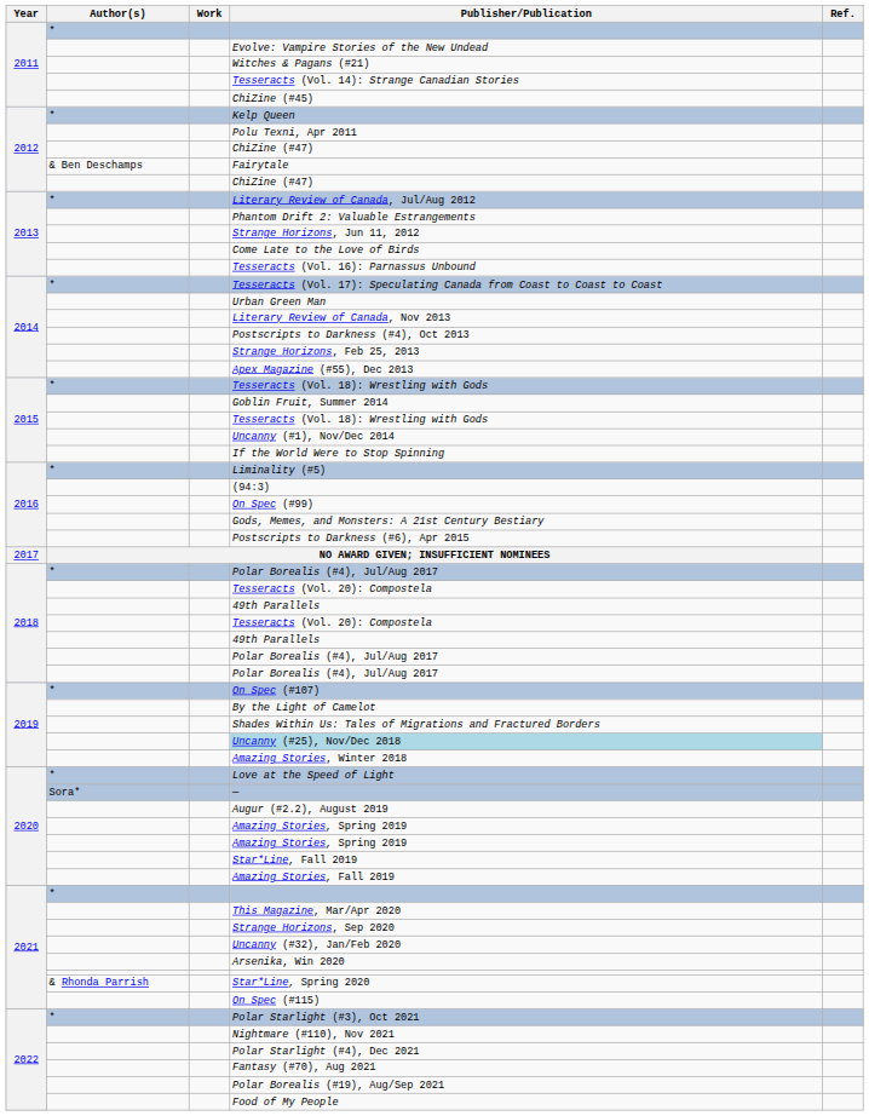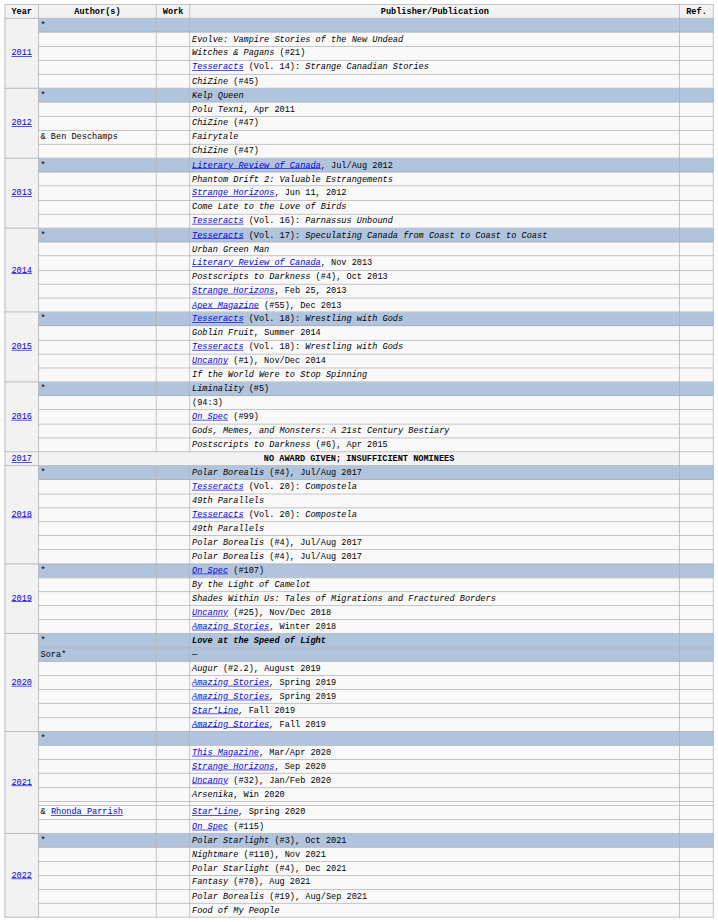 <table class="sortable wikitable" width="85%" cellpadding="5" style="margin: 1em auto 1em auto">
 <tr>
 <th scope="col">Year</th>
 <th scope="col">Author(s)</th>
 <th scope="col">Work</th>
 <th scope="col">Publisher/Publication</th>
 <th class="unsortable">Ref.</th>
 </tr>
 <tr style="background:#B0C4DE;">
 <th rowspan="5" scope="row" align="center" style="font-weight:normal;"><a href='#'>2011</a></th>
 <td>*</td>
 <td></td>
 <td></td>
 <td align="center"></td>
 </tr>
 <tr>
 <td></td>
 <td></td>
 <td><em>Evolve: Vampire Stories of the New Undead</em></td>
 <td align="center"></td>
 </tr>
 <tr>
 <td></td>
 <td></td>
 <td><em>Witches & Pagans</em> (#21)</td>
 <td align="center"></td>
 </tr>
 <tr>
 <td></td>
 <td></td>
 <td><a href='#'><em>Tesseracts</em></a> (Vol. 14): <em>Strange Canadian Stories</em></td>
 <td align="center"></td>
 </tr>
 <tr>
 <td></td>
 <td></td>
 <td><em>ChiZine</em> (#45)</td>
 <td align="center"></td>
 </tr>
 <tr style="background:#B0C4DE;">
 <th rowspan="5" scope="row" align="center" style="font-weight:normal;"><a href='#'>2012</a></th>
 <td>*</td>
 <td></td>
 <td><em>Kelp Queen</em></td>
 <td align="center"></td>
 </tr>
 <tr>
 <td></td>
 <td></td>
 <td><em>Polu Texni</em>, Apr 2011</td>
 <td align="center"></td>
 </tr>
 <tr>
 <td></td>
 <td></td>
 <td><em>ChiZine</em> (#47)</td>
 <td align="center"></td>
 </tr>
 <tr>
 <td> & Ben Deschamps</td>
 <td></td>
 <td><em>Fairytale</em></td>
 <td align="center"></td>
 </tr>
 <tr>
 <td></td>
 <td></td>
 <td><em>ChiZine</em> (#47)</td>
 <td align="center"></td>
 </tr>
 <tr style="background:#B0C4DE;">
 <th rowspan="5" scope="row" align="center" style="font-weight:normal;"><a href='#'>2013</a></th>
 <td>*</td>
 <td></td>
 <td><em><a href='#'>Literary Review of Canada</a></em>, Jul/Aug 2012</td>
 <td align="center"></td>
 </tr>
 <tr>
 <td></td>
 <td></td>
 <td><em>Phantom Drift 2: Valuable Estrangements</em></td>
 <td align="center"></td>
 </tr>
 <tr>
 <td></td>
 <td></td>
 <td><em><a href='#'>Strange Horizons</a></em>, Jun 11, 2012</td>
 <td align="center"></td>
 </tr>
 <tr>
 <td></td>
 <td></td>
 <td><em>Come Late to the Love of Birds</em></td>
 <td align="center"></td>
 </tr>
 <tr>
 <td></td>
 <td></td>
 <td><a href='#'><em>Tesseracts</em></a> (Vol. 16): <em>Parnassus Unbound</em></td>
 <td align="center"></td>
 </tr>
 <tr style="background:#B0C4DE;">
 <th rowspan="6" scope="row" align="center" style="font-weight:normal;"><a href='#'>2014</a></th>
 <td>*</td>
 <td></td>
 <td><a href='#'><em>Tesseracts</em></a> (Vol. 17): <em>Speculating Canada from Coast to Coast to Coast</em></td>
 <td align="center"></td>
 </tr>
 <tr>
 <td></td>
 <td></td>
 <td><em>Urban Green Man</em></td>
 <td align="center"></td>
 </tr>
 <tr>
 <td></td>
 <td></td>
 <td><em><a href='#'>Literary Review of Canada</a></em>, Nov 2013</td>
 <td align="center"></td>
 </tr>
 <tr>
 <td></td>
 <td></td>
 <td><em>Postscripts to Darkness</em> (#4), Oct 2013</td>
 <td align="center"></td>
 </tr>
 <tr>
 <td></td>
 <td></td>
 <td><em><a href='#'>Strange Horizons</a></em>, Feb 25, 2013</td>
 <td align="center"></td>
 </tr>
 <tr>
 <td></td>
 <td></td>
 <td><em><a href='#'>Apex Magazine</a></em> (#55), Dec 2013</td>
 <td align="center"></td>
 </tr>
 <tr style="background:#B0C4DE;">
 <th rowspan="5" scope="row" align="center" style="font-weight:normal;"><a href='#'>2015</a></th>
 <td>*</td>
 <td></td>
 <td><a href='#'><em>Tesseracts</em></a> (Vol. 18): <em>Wrestling with Gods</em></td>
 <td align="center"></td>
 </tr>
 <tr>
 <td></td>
 <td></td>
 <td><em>Goblin Fruit</em>, Summer 2014</td>
 <td align="center"></td>
 </tr>
 <tr>
 <td></td>
 <td></td>
 <td><a href='#'><em>Tesseracts</em></a> (Vol. 18): <em>Wrestling with Gods</em></td>
 <td align="center"></td>
 </tr>
 <tr>
 <td></td>
 <td></td>
 <td><a href='#'><em>Uncanny</em></a> (#1), Nov/Dec 2014</td>
 <td align="center"></td>
 </tr>
 <tr>
 <td></td>
 <td></td>
 <td><em>If the World Were to Stop Spinning</em></td>
 <td align="center"></td>
 </tr>
 <tr style="background:#B0C4DE;">
 <th rowspan="5" scope="row" align="center" style="font-weight:normal;"><a href='#'>2016</a></th>
 <td>*</td>
 <td></td>
 <td><em>Liminality</em> (#5)</td>
 <td align="center"></td>
 </tr>
 <tr>
 <td></td>
 <td></td>
 <td> (94:3)</td>
 <td align="center"></td>
 </tr>
 <tr>
 <td></td>
 <td></td>
 <td><em><a href='#'>On Spec</a></em> (#99)</td>
 <td align="center"></td>
 </tr>
 <tr>
 <td></td>
 <td></td>
 <td><em>Gods, Memes, and Monsters: A 21st Century Bestiary</em></td>
 <td align="center"></td>
 </tr>
 <tr>
 <td></td>
 <td></td>
 <td><em>Postscripts to Darkness</em> (#6), Apr 2015</td>
 <td align="center"></td>
 </tr>
 <tr>
 <th align="center" style="font-weight:normal;"><a href='#'>2017</a></th>
 <th colspan="3">NO AWARD GIVEN; INSUFFICIENT NOMINEES</th>
 <td></td>
 </tr>
 <tr style="background:#B0C4DE;">
 <th rowspan="7" scope="row" align="center" style="font-weight:normal;"><a href='#'>2018</a></th>
 <td>*</td>
 <td></td>
 <td><em>Polar Borealis</em> (#4), Jul/Aug 2017</td>
 <td align="center"></td>
 </tr>
 <tr>
 <td></td>
 <td></td>
 <td><a href='#'><em>Tesseracts</em></a> (Vol. 20): <em>Compostela</em></td>
 <td align="center"></td>
 </tr>
 <tr>
 <td></td>
 <td></td>
 <td><em>49th Parallels</em></td>
 <td align="center"></td>
 </tr>
 <tr>
 <td></td>
 <td></td>
 <td><a href='#'><em>Tesseracts</em></a> (Vol. 20): <em>Compostela</em></td>
 <td align="center"></td>
 </tr>
 <tr>
 <td></td>
 <td></td>
 <td><em>49th Parallels</em></td>
 <td align="center"></td>
 </tr>
 <tr>
 <td></td>
 <td></td>
 <td><em>Polar Borealis</em> (#4), Jul/Aug 2017</td>
 <td align="center"></td>
 </tr>
 <tr>
 <td></td>
 <td></td>
 <td><em>Polar Borealis</em> (#4), Jul/Aug 2017</td>
 <td align="center"></td>
 </tr>
 <tr style="background:#B0C4DE;">
 <th rowspan="5" scope="row" align="center" style="font-weight:normal;"><a href='#'>2019</a></th>
 <td>*</td>
 <td></td>
 <td><em><a href='#'>On Spec</a></em> (#107)</td>
 <td align="center"></td>
 </tr>
 <tr>
 <td></td>
 <td></td>
 <td><em>By the Light of Camelot</em></td>
 <td align="center"></td>
 </tr>
 <tr>
 <td></td>
 <td></td>
 <td><em>Shades Within Us: Tales of Migrations and Fractured Borders</em></td>
 <td align="center"></td>
 </tr>
 <tr>
 <td></td>
 <td></td>
-<td style="background: lightblue;"><em><a href='#'>Uncanny</a></em> (#25), Nov/Dec 2018</td>
+<td><em><a href='#'>Uncanny</a></em> (#25), Nov/Dec 2018</td>
 <td align="center"></td>
 </tr>
 <tr>
 <td></td>
 <td></td>
 <td><em><a href='#'>Amazing Stories</a></em>, Winter 2018</td>
 <td align="center"></td>
 </tr>
 <tr style="background:#B0C4DE;">
 <th rowspan="7" scope="row" align="center" style="font-weight:normal;"><a href='#'>2020</a></th>
 <td>*</td>
 <td></td>
-<td><em>Love at the Speed of Light</em></td>
+<td><strong><em>Love at the Speed of Light</em></strong></td>
 <td align="center"></td>
 </tr>
 <tr style="background:#B0C4DE;">
 <td>Sora*</td>
 <td></td>
 <td>—</td>
 <td align="center"></td>
 </tr>
 <tr>
 <td></td>
 <td></td>
 <td><em>Augur</em> (#2.2), August 2019</td>
 <td align="center"></td>
 </tr>
 <tr>
 <td></td>
 <td></td>
 <td><em><a href='#'>Amazing Stories</a>,</em> Spring 2019</td>
 <td align="center"></td>
 </tr>
 <tr>
 <td></td>
 <td></td>
 <td><em><a href='#'>Amazing Stories</a>,</em> Spring 2019</td>
 <td align="center"></td>
 </tr>
 <tr>
 <td></td>
 <td></td>
 <td><em><a href='#'>Star*Line</a>,</em> Fall 2019</td>
 <td align="center"></td>
 </tr>
 <tr>
 <td></td>
 <td></td>
 <td><em><a href='#'>Amazing Stories</a>,</em> Fall 2019</td>
 <td align="center"></td>
 </tr>
 <tr style="background:#B0C4DE;">
 <th rowspan="8" scope="row" align="center" style="font-weight:normal;"><a href='#'>2021</a></th>
 <td>*</td>
 <td></td>
 <td></td>
 <td align="center"></td>
 </tr>
 <tr>
 <td></td>
 <td></td>
 <td><em><a href='#'>This Magazine</a></em>, Mar/Apr 2020</td>
 <td align="center"></td>
 </tr>
 <tr>
 <td></td>
 <td></td>
 <td><em><a href='#'>Strange Horizons</a></em>, Sep 2020</td>
 <td align="center"></td>
 </tr>
 <tr>
 <td></td>
 <td></td>
 <td><em><a href='#'>Uncanny</a></em> (#32), Jan/Feb 2020</td>
 <td align="center"></td>
 </tr>
 <tr>
 <td></td>
 <td></td>
 <td><em>Arsenika</em>, Win 2020</td>
 <td align="center"></td>
 </tr>
 <tr>
 <td></td>
 <td></td>
 <td></td>
 <td align="center"></td>
 </tr>
 <tr>
 <td> & <a href='#'>Rhonda Parrish</a></td>
 <td></td>
 <td><em><a href='#'>Star*Line</a>,</em> Spring 2020</td>
 <td align="center"></td>
 </tr>
 <tr>
 <td></td>
 <td></td>
 <td><em><a href='#'>On Spec</a></em> (#115)</td>
 <td align="center"></td>
 </tr>
 <tr style="background:#B0C4DE;">
 <th rowspan="6" scope="row" align="center" style="font-weight:normal;"><a href='#'>2022</a></th>
 <td>*</td>
 <td></td>
 <td><em>Polar Starlight</em> (#3), Oct 2021</td>
 <td align="center"></td>
 </tr>
 <tr>
 <td></td>
 <td></td>
 <td><em>Nightmare</em> (#110), Nov 2021</td>
 <td align="center"></td>
 </tr>
 <tr>
 <td></td>
 <td></td>
 <td><em>Polar Starlight</em> (#4), Dec 2021</td>
 <td align="center"></td>
 </tr>
 <tr>
 <td></td>
 <td></td>
 <td><em>Fantasy</em> (#70), Aug 2021</td>
 <td align="center"></td>
 </tr>
 <tr>
 <td></td>
 <td></td>
 <td><em>Polar Borealis</em> (#19), Aug/Sep 2021</td>
 <td align="center"></td>
 </tr>
 <tr>
 <td></td>
 <td></td>
 <td><em>Food of My People</em></td>
 <td align="center"></td>
 </tr>
 </table>
